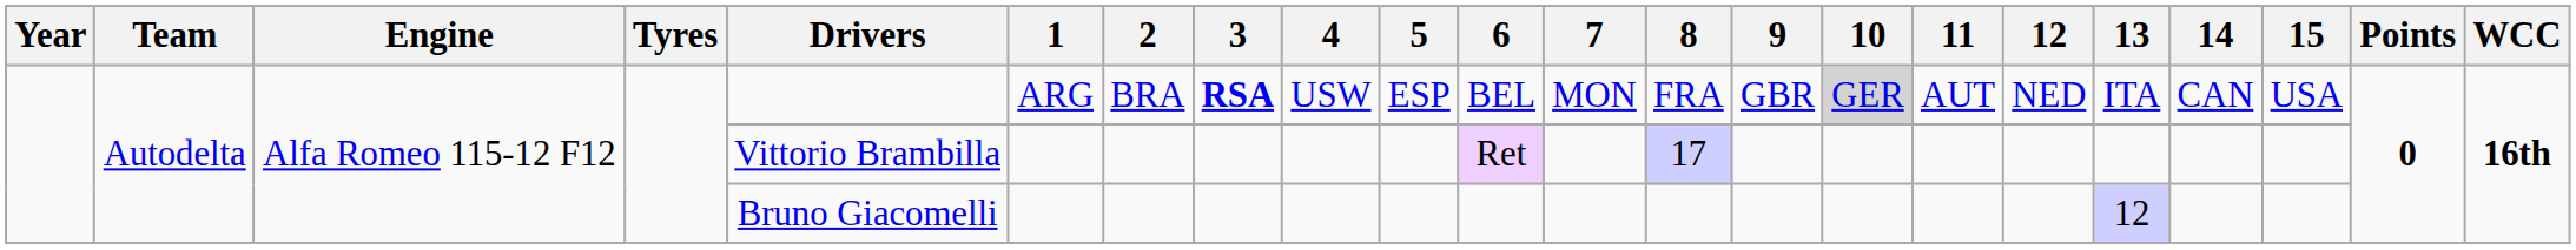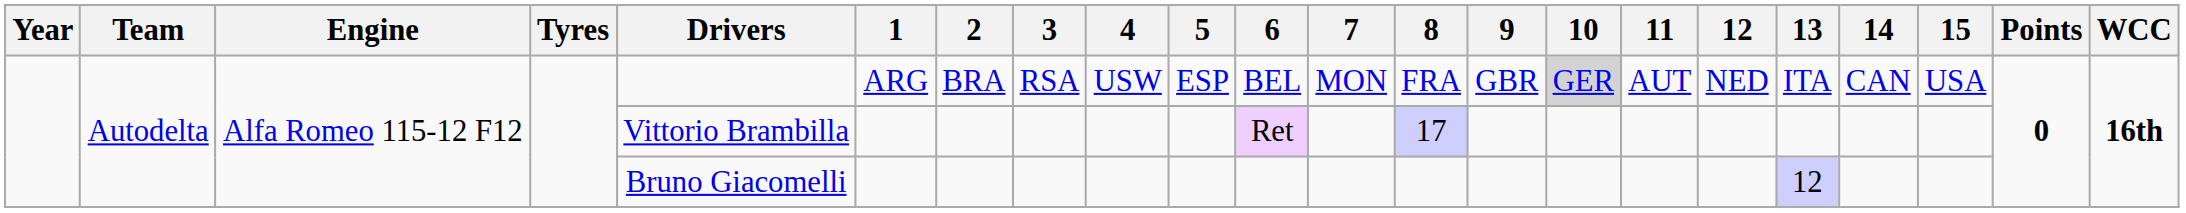 <table class="wikitable" style="text-align:center; font-size:95%">
 <tr>
 <th>Year</th>
 <th>Team</th>
 <th>Engine</th>
 <th>Tyres</th>
 <th>Drivers</th>
 <th>1</th>
 <th>2</th>
 <th>3</th>
 <th>4</th>
 <th>5</th>
 <th>6</th>
 <th>7</th>
 <th>8</th>
 <th>9</th>
 <th>10</th>
 <th>11</th>
 <th>12</th>
 <th>13</th>
 <th>14</th>
 <th>15</th>
 <th>Points</th>
 <th>WCC</th>
 </tr>
 <tr>
 <td rowspan="3"></td>
 <td rowspan="3"><a href='#'>Autodelta</a></td>
 <td rowspan="3"><a href='#'>Alfa Romeo</a> 115-12 F12</td>
 <td rowspan="3"></td>
 <td></td>
 <td><a href='#'>ARG</a></td>
 <td><a href='#'>BRA</a></td>
-<td><strong><a href='#'>RSA</a></strong></td>
+<td><a href='#'>RSA</a></td>
 <td><a href='#'>USW</a></td>
 <td><a href='#'>ESP</a></td>
 <td><a href='#'>BEL</a></td>
 <td><a href='#'>MON</a></td>
 <td><a href='#'>FRA</a></td>
 <td><a href='#'>GBR</a></td>
 <td style="background: lightgrey;"><a href='#'>GER</a></td>
 <td><a href='#'>AUT</a></td>
 <td><a href='#'>NED</a></td>
 <td><a href='#'>ITA</a></td>
 <td><a href='#'>CAN</a></td>
 <td><a href='#'>USA</a></td>
 <td rowspan="3"><strong>0</strong></td>
 <td rowspan="3"><strong>16th</strong></td>
 </tr>
 <tr>
 <td><a href='#'>Vittorio Brambilla</a></td>
 <td></td>
 <td></td>
 <td></td>
 <td></td>
 <td></td>
 <td style="background:#EFCFFF;">Ret</td>
 <td></td>
 <td style="background:#cfcfff;">17</td>
 <td></td>
 <td></td>
 <td></td>
 <td></td>
 <td></td>
 <td></td>
 <td></td>
 </tr>
 <tr>
 <td><a href='#'>Bruno Giacomelli</a></td>
 <td></td>
 <td></td>
 <td></td>
 <td></td>
 <td></td>
 <td></td>
 <td></td>
 <td></td>
 <td></td>
 <td></td>
 <td></td>
 <td></td>
 <td style="background:#cfcfff;">12</td>
 <td></td>
 <td></td>
 </tr>
 </table>
